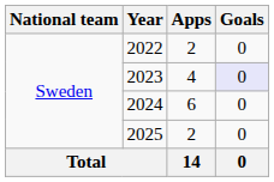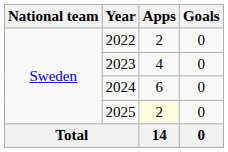 <table class="wikitable" style="text-align:center">
 <tr>
 <th>National team</th>
 <th>Year</th>
 <th>Apps</th>
 <th>Goals</th>
 </tr>
 <tr>
 <td rowspan="4"><a href='#'>Sweden</a></td>
 <td>2022</td>
 <td>2</td>
 <td>0</td>
 </tr>
 <tr>
 <td>2023</td>
 <td>4</td>
-<td style="background: lavender;">0</td>
+<td>0</td>
 </tr>
 <tr>
 <td>2024</td>
 <td>6</td>
 <td>0</td>
 </tr>
 <tr>
 <td>2025</td>
-<td>2</td>
+<td style="background: lightyellow;">2</td>
 <td>0</td>
 </tr>
 <tr>
 <th colspan="2">Total</th>
 <th>14</th>
 <th>0</th>
 </tr>
 </table>
